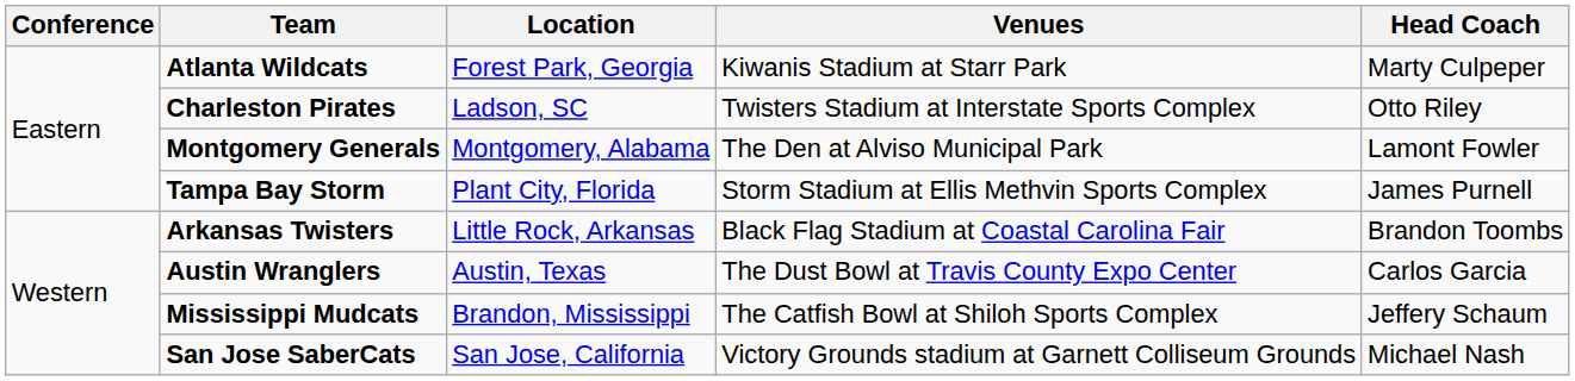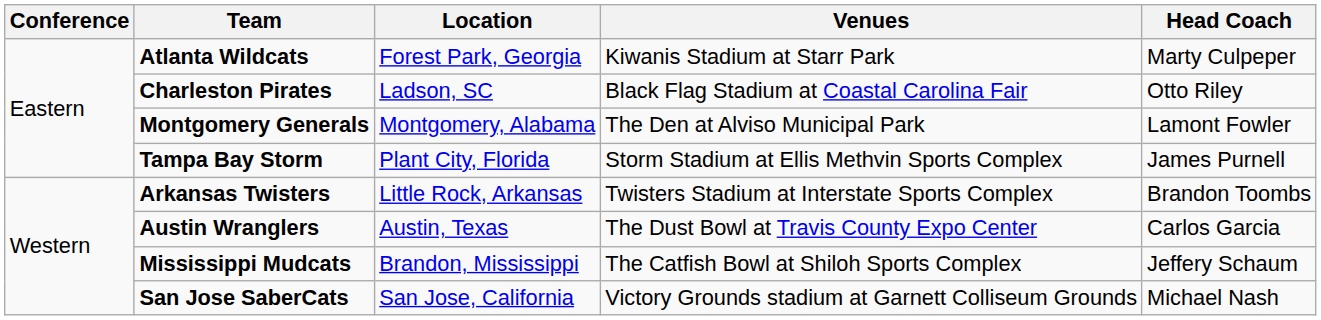 <table class="wikitable">
 <tr>
 <th>Conference</th>
 <th>Team</th>
 <th>Location</th>
 <th>Venues</th>
 <th>Head Coach</th>
 </tr>
 <tr>
 <td rowspan="4">Eastern</td>
 <td><strong>Atlanta Wildcats</strong></td>
 <td><a href='#'>Forest Park, Georgia</a></td>
 <td>Kiwanis Stadium at Starr Park</td>
 <td>Marty Culpeper</td>
 </tr>
 <tr>
 <td><strong>Charleston Pirates</strong></td>
 <td><a href='#'>Ladson, SC</a></td>
-<td>Twisters Stadium at Interstate Sports Complex</td>
+<td>Black Flag Stadium at <a href='#'>Coastal Carolina Fair</a></td>
 <td>Otto Riley</td>
 </tr>
 <tr>
 <td><strong>Montgomery Generals</strong></td>
 <td><a href='#'>Montgomery, Alabama</a></td>
 <td>The Den at  Alviso Municipal Park</td>
 <td>Lamont Fowler</td>
 </tr>
 <tr>
 <td><strong>Tampa Bay Storm</strong></td>
 <td><a href='#'>Plant City, Florida</a></td>
 <td>Storm Stadium at Ellis Methvin Sports Complex</td>
 <td>James Purnell</td>
 </tr>
 <tr>
 <td rowspan="4">Western</td>
 <td><strong>Arkansas Twisters</strong></td>
 <td><a href='#'>Little Rock, Arkansas</a></td>
-<td>Black Flag Stadium at <a href='#'>Coastal Carolina Fair</a></td>
+<td>Twisters Stadium at Interstate Sports Complex</td>
 <td>Brandon Toombs</td>
 </tr>
 <tr>
 <td><strong>Austin Wranglers</strong></td>
 <td><a href='#'>Austin, Texas</a></td>
 <td>The Dust Bowl at <a href='#'>Travis County Expo Center</a></td>
 <td>Carlos Garcia</td>
 </tr>
 <tr>
 <td><strong>Mississippi Mudcats</strong></td>
 <td><a href='#'>Brandon, Mississippi</a></td>
 <td>The Catfish Bowl at Shiloh Sports Complex</td>
 <td>Jeffery Schaum</td>
 </tr>
 <tr>
 <td><strong>San Jose SaberCats</strong></td>
 <td><a href='#'>San Jose, California</a></td>
 <td>Victory Grounds stadium at Garnett Colliseum Grounds</td>
 <td>Michael Nash</td>
 </tr>
 </table>
